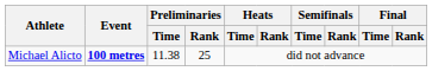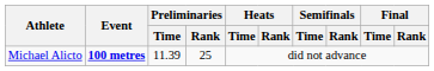 <table class=wikitable style="font-size:90%;">
 <tr>
 <th rowspan=2>Athlete</th>
 <th rowspan=2>Event</th>
 <th colspan=2>Preliminaries</th>
 <th colspan=2>Heats</th>
 <th colspan=2>Semifinals</th>
 <th colspan=2>Final</th>
 </tr>
 <tr>
 <th>Time</th>
 <th>Rank</th>
 <th>Time</th>
 <th>Rank</th>
 <th>Time</th>
 <th>Rank</th>
 <th>Time</th>
 <th>Rank</th>
 </tr>
 <tr>
 <td><a href='#'>Michael Alicto</a></td>
 <td><strong><a href='#'>100 metres</a></strong></td>
-<td align="center">11.38</td>
+<td align="center">11.39</td>
 <td align="center">25</td>
 <td align="center" colspan=6>did not advance</td>
 </tr>
 </table>
